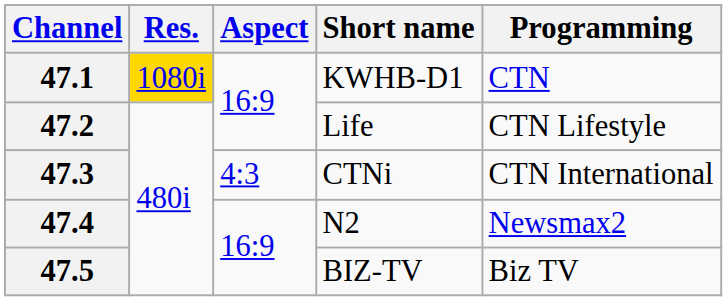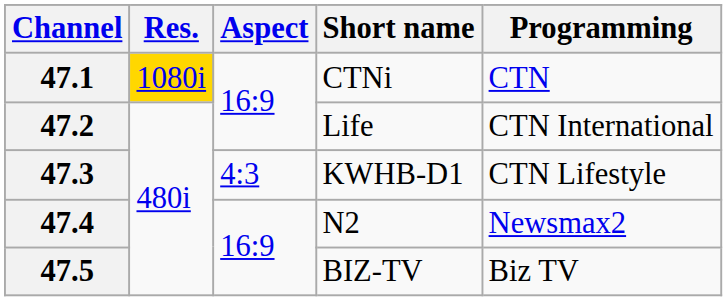 <table class="wikitable">
 <tr>
 <th><a href='#'>Channel</a></th>
 <th><a href='#'>Res.</a></th>
 <th><a href='#'>Aspect</a></th>
 <th>Short name</th>
 <th>Programming</th>
 </tr>
 <tr>
 <th scope = "row">47.1</th>
 <td style="background: gold;"><a href='#'>1080i</a></td>
 <td rowspan="2"><a href='#'>16:9</a></td>
-<td>KWHB-D1</td>
+<td>CTNi</td>
 <td><a href='#'>CTN</a></td>
 </tr>
 <tr>
 <th scope="row">47.2</th>
 <td rowspan="4"><a href='#'>480i</a></td>
 <td>Life</td>
-<td>CTN Lifestyle</td>
+<td>CTN International</td>
 </tr>
 <tr>
 <th scope="row">47.3</th>
 <td><a href='#'>4:3</a></td>
-<td>CTNi</td>
-<td>CTN International</td>
+<td>KWHB-D1</td>
+<td>CTN Lifestyle</td>
 </tr>
 <tr>
 <th scope="row">47.4</th>
 <td rowspan="2"><a href='#'>16:9</a></td>
 <td>N2</td>
 <td><a href='#'>Newsmax2</a></td>
 </tr>
 <tr>
 <th scope="row">47.5</th>
 <td>BIZ-TV</td>
 <td>Biz TV</td>
 </tr>
 </table>
